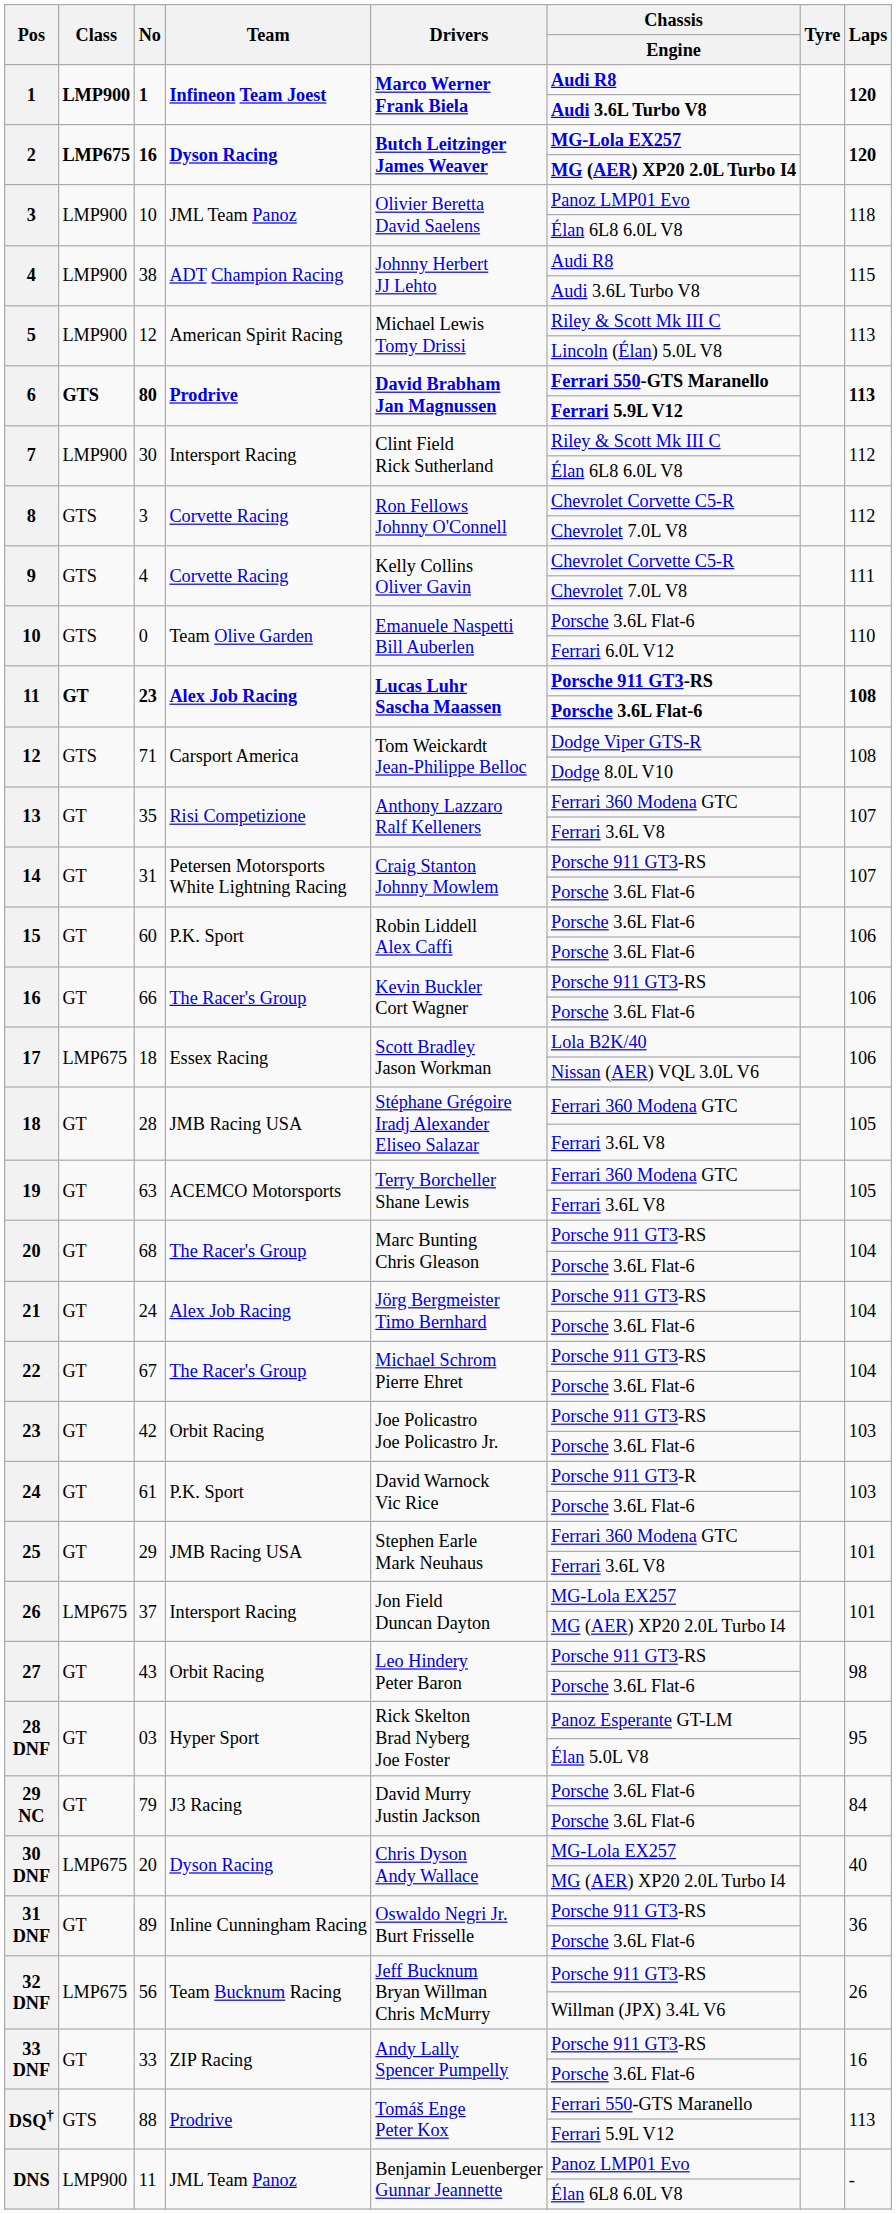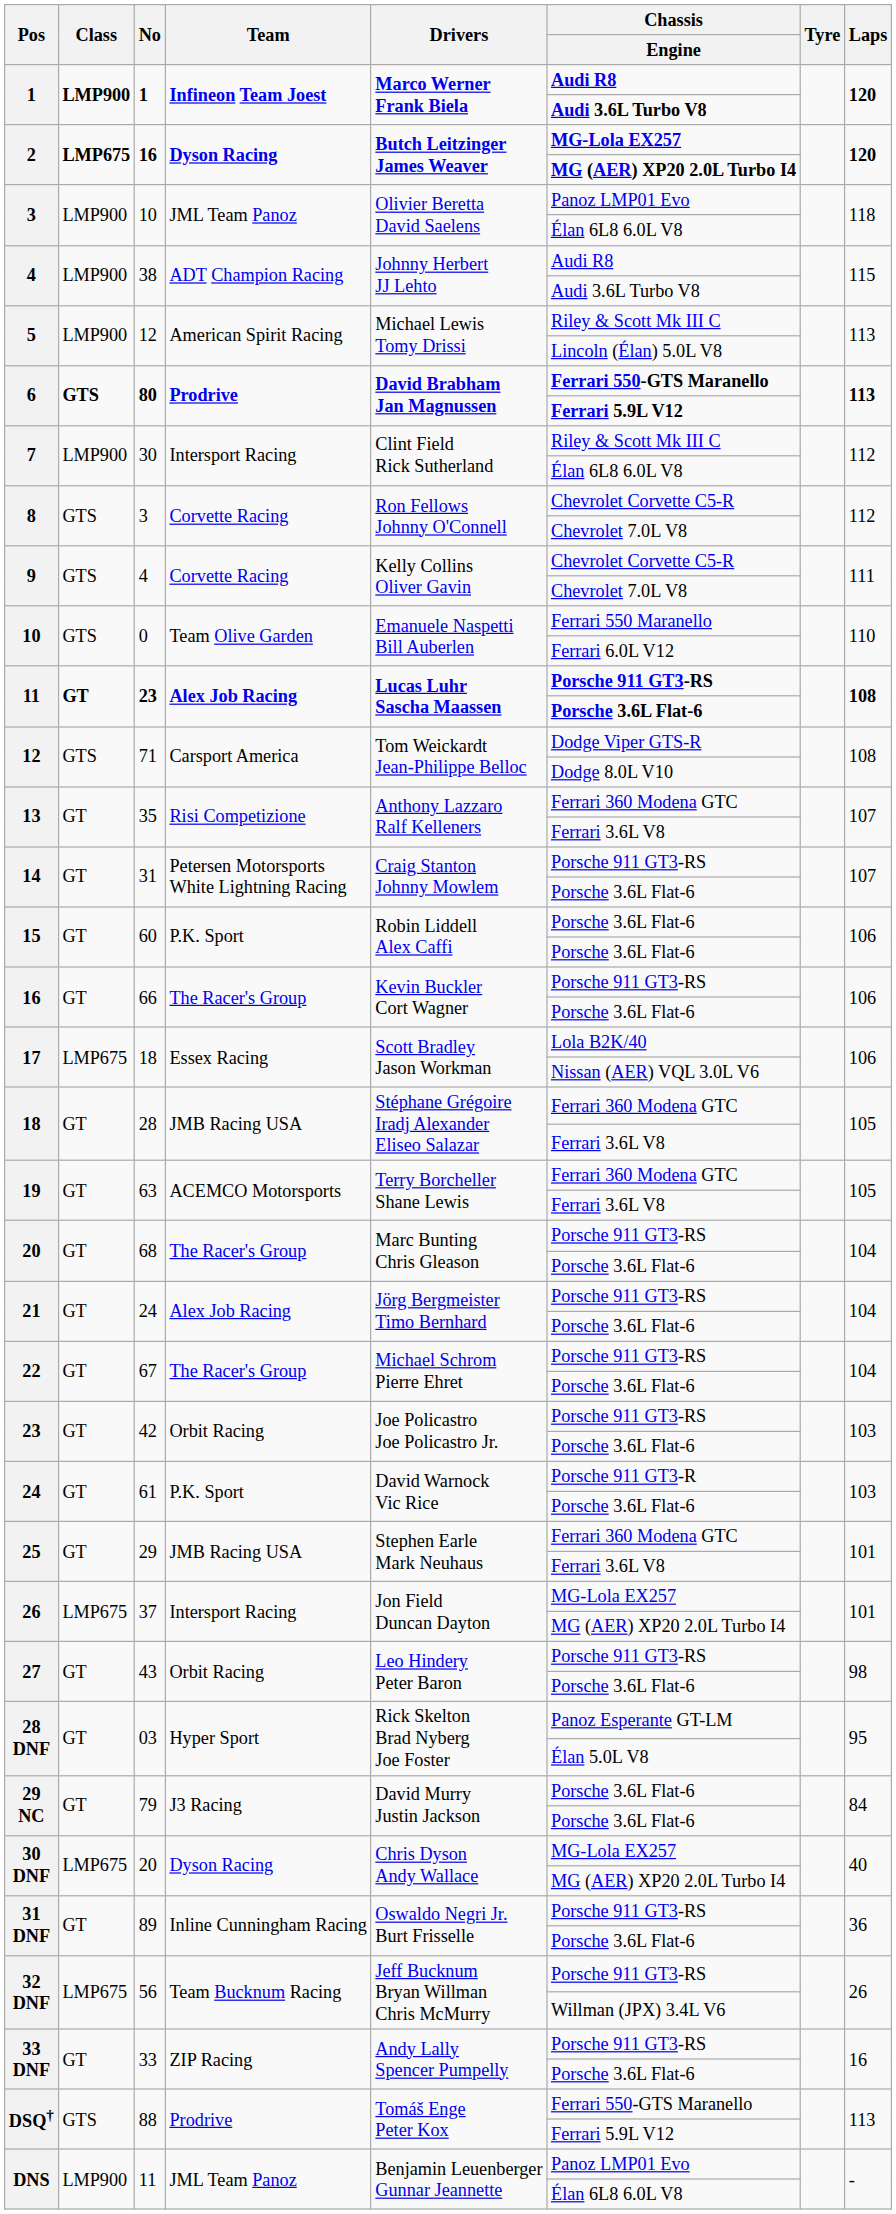 <table class="wikitable" style="font-size: 95%;">
 <tr>
 <th rowspan=2>Pos</th>
 <th rowspan=2>Class</th>
 <th rowspan=2>No</th>
 <th rowspan=2>Team</th>
 <th rowspan=2>Drivers</th>
 <th>Chassis</th>
 <th rowspan=2>Tyre</th>
 <th rowspan=2>Laps</th>
 </tr>
 <tr>
 <th>Engine</th>
 </tr>
 <tr style="font-weight:bold">
 <th rowspan=2>1</th>
 <td rowspan=2>LMP900</td>
 <td rowspan=2>1</td>
 <td rowspan=2> <a href='#'>Infineon</a> <a href='#'>Team Joest</a></td>
 <td rowspan=2> <a href='#'>Marco Werner</a><br> <a href='#'>Frank Biela</a></td>
 <td><a href='#'>Audi R8</a></td>
 <td rowspan=2></td>
 <td rowspan=2>120</td>
 </tr>
 <tr style="font-weight:bold">
 <td><a href='#'>Audi</a> 3.6L Turbo V8</td>
 </tr>
 <tr style="font-weight:bold">
 <th rowspan=2>2</th>
 <td rowspan=2>LMP675</td>
 <td rowspan=2>16</td>
 <td rowspan=2> <a href='#'>Dyson Racing</a></td>
 <td rowspan=2> <a href='#'>Butch Leitzinger</a><br> <a href='#'>James Weaver</a></td>
 <td><a href='#'>MG-Lola EX257</a></td>
 <td rowspan=2></td>
 <td rowspan=2>120</td>
 </tr>
 <tr style="font-weight:bold">
 <td><a href='#'>MG</a> (<a href='#'>AER</a>) XP20 2.0L Turbo I4</td>
 </tr>
 <tr>
 <th rowspan=2>3</th>
 <td rowspan=2>LMP900</td>
 <td rowspan=2>10</td>
 <td rowspan=2> JML Team <a href='#'>Panoz</a></td>
 <td rowspan=2> <a href='#'>Olivier Beretta</a><br> <a href='#'>David Saelens</a></td>
 <td><a href='#'>Panoz LMP01 Evo</a></td>
 <td rowspan=2></td>
 <td rowspan=2>118</td>
 </tr>
 <tr>
 <td><a href='#'>Élan</a> 6L8 6.0L V8</td>
 </tr>
 <tr>
 <th rowspan=2>4</th>
 <td rowspan=2>LMP900</td>
 <td rowspan=2>38</td>
 <td rowspan=2> <a href='#'>ADT</a> <a href='#'>Champion Racing</a></td>
 <td rowspan=2> <a href='#'>Johnny Herbert</a><br> <a href='#'>JJ Lehto</a></td>
 <td><a href='#'>Audi R8</a></td>
 <td rowspan=2></td>
 <td rowspan=2>115</td>
 </tr>
 <tr>
 <td><a href='#'>Audi</a> 3.6L Turbo V8</td>
 </tr>
 <tr>
 <th rowspan=2>5</th>
 <td rowspan=2>LMP900</td>
 <td rowspan=2>12</td>
 <td rowspan=2> American Spirit Racing</td>
 <td rowspan=2> Michael Lewis<br> <a href='#'>Tomy Drissi</a></td>
 <td><a href='#'>Riley & Scott Mk III C</a></td>
 <td rowspan=2></td>
 <td rowspan=2>113</td>
 </tr>
 <tr>
 <td><a href='#'>Lincoln</a> (<a href='#'>Élan</a>) 5.0L V8</td>
 </tr>
 <tr style="font-weight:bold">
 <th rowspan=2>6</th>
 <td rowspan=2>GTS</td>
 <td rowspan=2>80</td>
 <td rowspan=2> <a href='#'>Prodrive</a></td>
 <td rowspan=2> <a href='#'>David Brabham</a><br> <a href='#'>Jan Magnussen</a></td>
 <td><a href='#'>Ferrari 550</a>-GTS Maranello</td>
 <td rowspan=2></td>
 <td rowspan=2>113</td>
 </tr>
 <tr style="font-weight:bold">
 <td><a href='#'>Ferrari</a> 5.9L V12</td>
 </tr>
 <tr>
 <th rowspan=2>7</th>
 <td rowspan=2>LMP900</td>
 <td rowspan=2>30</td>
 <td rowspan=2> Intersport Racing</td>
 <td rowspan=2> Clint Field<br> Rick Sutherland</td>
 <td><a href='#'>Riley & Scott Mk III C</a></td>
 <td rowspan=2></td>
 <td rowspan=2>112</td>
 </tr>
 <tr>
 <td><a href='#'>Élan</a> 6L8 6.0L V8</td>
 </tr>
 <tr>
 <th rowspan=2>8</th>
 <td rowspan=2>GTS</td>
 <td rowspan=2>3</td>
 <td rowspan=2> <a href='#'>Corvette Racing</a></td>
 <td rowspan=2> <a href='#'>Ron Fellows</a><br> <a href='#'>Johnny O'Connell</a></td>
 <td><a href='#'>Chevrolet Corvette C5-R</a></td>
 <td rowspan=2></td>
 <td rowspan=2>112</td>
 </tr>
 <tr>
 <td><a href='#'>Chevrolet</a> 7.0L V8</td>
 </tr>
 <tr>
 <th rowspan=2>9</th>
 <td rowspan=2>GTS</td>
 <td rowspan=2>4</td>
 <td rowspan=2> <a href='#'>Corvette Racing</a></td>
 <td rowspan=2> Kelly Collins<br> <a href='#'>Oliver Gavin</a></td>
 <td><a href='#'>Chevrolet Corvette C5-R</a></td>
 <td rowspan=2></td>
 <td rowspan=2>111</td>
 </tr>
 <tr>
 <td><a href='#'>Chevrolet</a> 7.0L V8</td>
 </tr>
 <tr>
 <th rowspan=2>10</th>
 <td rowspan=2>GTS</td>
 <td rowspan=2>0</td>
 <td rowspan=2> Team <a href='#'>Olive Garden</a></td>
 <td rowspan=2> <a href='#'>Emanuele Naspetti</a><br> <a href='#'>Bill Auberlen</a></td>
-<td><a href='#'>Porsche</a> 3.6L Flat-6</td>
+<td><a href='#'>Ferrari 550 Maranello</a></td>
 <td rowspan=2></td>
 <td rowspan=2>110</td>
 </tr>
 <tr>
 <td><a href='#'>Ferrari</a> 6.0L V12</td>
 </tr>
 <tr style="font-weight:bold">
 <th rowspan=2>11</th>
 <td rowspan=2>GT</td>
 <td rowspan=2>23</td>
 <td rowspan=2> <a href='#'>Alex Job Racing</a></td>
 <td rowspan=2> <a href='#'>Lucas Luhr</a><br> <a href='#'>Sascha Maassen</a></td>
 <td><a href='#'>Porsche 911 GT3</a>-RS</td>
 <td rowspan=2></td>
 <td rowspan=2>108</td>
 </tr>
 <tr style="font-weight:bold">
 <td><a href='#'>Porsche</a> 3.6L Flat-6</td>
 </tr>
 <tr>
 <th rowspan=2>12</th>
 <td rowspan=2>GTS</td>
 <td rowspan=2>71</td>
 <td rowspan=2> Carsport America</td>
 <td rowspan=2> Tom Weickardt<br> <a href='#'>Jean-Philippe Belloc</a></td>
 <td><a href='#'>Dodge Viper GTS-R</a></td>
 <td rowspan=2></td>
 <td rowspan=2>108</td>
 </tr>
 <tr>
 <td><a href='#'>Dodge</a> 8.0L V10</td>
 </tr>
 <tr>
 <th rowspan=2>13</th>
 <td rowspan=2>GT</td>
 <td rowspan=2>35</td>
 <td rowspan=2> <a href='#'>Risi Competizione</a></td>
 <td rowspan=2> <a href='#'>Anthony Lazzaro</a><br> <a href='#'>Ralf Kelleners</a></td>
 <td><a href='#'>Ferrari 360 Modena</a> GTC</td>
 <td rowspan=2></td>
 <td rowspan=2>107</td>
 </tr>
 <tr>
 <td><a href='#'>Ferrari</a> 3.6L V8</td>
 </tr>
 <tr>
 <th rowspan=2>14</th>
 <td rowspan=2>GT</td>
 <td rowspan=2>31</td>
 <td rowspan=2> Petersen Motorsports<br> White Lightning Racing</td>
 <td rowspan=2> <a href='#'>Craig Stanton</a><br> <a href='#'>Johnny Mowlem</a></td>
 <td><a href='#'>Porsche 911 GT3</a>-RS</td>
 <td rowspan=2></td>
 <td rowspan=2>107</td>
 </tr>
 <tr>
 <td><a href='#'>Porsche</a> 3.6L Flat-6</td>
 </tr>
 <tr>
 <th rowspan=2>15</th>
 <td rowspan=2>GT</td>
 <td rowspan=2>60</td>
 <td rowspan=2> P.K. Sport</td>
 <td rowspan=2> Robin Liddell<br> <a href='#'>Alex Caffi</a></td>
 <td><a href='#'>Porsche</a> 3.6L Flat-6</td>
 <td rowspan=2></td>
 <td rowspan=2>106</td>
 </tr>
 <tr>
 <td><a href='#'>Porsche</a> 3.6L Flat-6</td>
 </tr>
 <tr>
 <th rowspan=2>16</th>
 <td rowspan=2>GT</td>
 <td rowspan=2>66</td>
 <td rowspan=2> <a href='#'>The Racer's Group</a></td>
 <td rowspan=2> <a href='#'>Kevin Buckler</a><br> Cort Wagner</td>
 <td><a href='#'>Porsche 911 GT3</a>-RS</td>
 <td rowspan=2></td>
 <td rowspan=2>106</td>
 </tr>
 <tr>
 <td><a href='#'>Porsche</a> 3.6L Flat-6</td>
 </tr>
 <tr>
 <th rowspan=2>17</th>
 <td rowspan=2>LMP675</td>
 <td rowspan=2>18</td>
 <td rowspan=2> Essex Racing</td>
 <td rowspan=2> <a href='#'>Scott Bradley</a><br> Jason Workman</td>
 <td><a href='#'>Lola B2K/40</a></td>
 <td rowspan=2></td>
 <td rowspan=2>106</td>
 </tr>
 <tr>
 <td><a href='#'>Nissan</a> (<a href='#'>AER</a>) VQL 3.0L V6</td>
 </tr>
 <tr>
 <th rowspan=2>18</th>
 <td rowspan=2>GT</td>
 <td rowspan=2>28</td>
 <td rowspan=2> JMB Racing USA</td>
 <td rowspan=2> <a href='#'>Stéphane Grégoire</a><br> <a href='#'>Iradj Alexander</a><br> <a href='#'>Eliseo Salazar</a></td>
 <td><a href='#'>Ferrari 360 Modena</a> GTC</td>
 <td rowspan=2></td>
 <td rowspan=2>105</td>
 </tr>
 <tr>
 <td><a href='#'>Ferrari</a> 3.6L V8</td>
 </tr>
 <tr>
 <th rowspan=2>19</th>
 <td rowspan=2>GT</td>
 <td rowspan=2>63</td>
 <td rowspan=2> ACEMCO Motorsports</td>
 <td rowspan=2> <a href='#'>Terry Borcheller</a><br> Shane Lewis</td>
 <td><a href='#'>Ferrari 360 Modena</a> GTC</td>
 <td rowspan=2></td>
 <td rowspan=2>105</td>
 </tr>
 <tr>
 <td><a href='#'>Ferrari</a> 3.6L V8</td>
 </tr>
 <tr>
 <th rowspan=2>20</th>
 <td rowspan=2>GT</td>
 <td rowspan=2>68</td>
 <td rowspan=2> <a href='#'>The Racer's Group</a></td>
 <td rowspan=2> Marc Bunting<br> Chris Gleason</td>
 <td><a href='#'>Porsche 911 GT3</a>-RS</td>
 <td rowspan=2></td>
 <td rowspan=2>104</td>
 </tr>
 <tr>
 <td><a href='#'>Porsche</a> 3.6L Flat-6</td>
 </tr>
 <tr>
 <th rowspan=2>21</th>
 <td rowspan=2>GT</td>
 <td rowspan=2>24</td>
 <td rowspan=2> <a href='#'>Alex Job Racing</a></td>
 <td rowspan=2> <a href='#'>Jörg Bergmeister</a><br> <a href='#'>Timo Bernhard</a></td>
 <td><a href='#'>Porsche 911 GT3</a>-RS</td>
 <td rowspan=2></td>
 <td rowspan=2>104</td>
 </tr>
 <tr>
 <td><a href='#'>Porsche</a> 3.6L Flat-6</td>
 </tr>
 <tr>
 <th rowspan=2>22</th>
 <td rowspan=2>GT</td>
 <td rowspan=2>67</td>
 <td rowspan=2> <a href='#'>The Racer's Group</a></td>
 <td rowspan=2> <a href='#'>Michael Schrom</a><br> Pierre Ehret</td>
 <td><a href='#'>Porsche 911 GT3</a>-RS</td>
 <td rowspan=2></td>
 <td rowspan=2>104</td>
 </tr>
 <tr>
 <td><a href='#'>Porsche</a> 3.6L Flat-6</td>
 </tr>
 <tr>
 <th rowspan=2>23</th>
 <td rowspan=2>GT</td>
 <td rowspan=2>42</td>
 <td rowspan=2> Orbit Racing</td>
 <td rowspan=2> Joe Policastro<br> Joe Policastro Jr.</td>
 <td><a href='#'>Porsche 911 GT3</a>-RS</td>
 <td rowspan=2></td>
 <td rowspan=2>103</td>
 </tr>
 <tr>
 <td><a href='#'>Porsche</a> 3.6L Flat-6</td>
 </tr>
 <tr>
 <th rowspan=2>24</th>
 <td rowspan=2>GT</td>
 <td rowspan=2>61</td>
 <td rowspan=2> P.K. Sport</td>
 <td rowspan=2> David Warnock<br> Vic Rice</td>
 <td><a href='#'>Porsche 911 GT3</a>-R</td>
 <td rowspan=2></td>
 <td rowspan=2>103</td>
 </tr>
 <tr>
 <td><a href='#'>Porsche</a> 3.6L Flat-6</td>
 </tr>
 <tr>
 <th rowspan=2>25</th>
 <td rowspan=2>GT</td>
 <td rowspan=2>29</td>
 <td rowspan=2> JMB Racing USA</td>
 <td rowspan=2> Stephen Earle<br> Mark Neuhaus</td>
 <td><a href='#'>Ferrari 360 Modena</a> GTC</td>
 <td rowspan=2></td>
 <td rowspan=2>101</td>
 </tr>
 <tr>
 <td><a href='#'>Ferrari</a> 3.6L V8</td>
 </tr>
 <tr>
 <th rowspan=2>26</th>
 <td rowspan=2>LMP675</td>
 <td rowspan=2>37</td>
 <td rowspan=2> Intersport Racing</td>
 <td rowspan=2> Jon Field<br> Duncan Dayton</td>
 <td><a href='#'>MG-Lola EX257</a></td>
 <td rowspan=2></td>
 <td rowspan=2>101</td>
 </tr>
 <tr>
 <td><a href='#'>MG</a> (<a href='#'>AER</a>) XP20 2.0L Turbo I4</td>
 </tr>
 <tr>
 <th rowspan=2>27</th>
 <td rowspan=2>GT</td>
 <td rowspan=2>43</td>
 <td rowspan=2> Orbit Racing</td>
 <td rowspan=2> <a href='#'>Leo Hindery</a><br> Peter Baron</td>
 <td><a href='#'>Porsche 911 GT3</a>-RS</td>
 <td rowspan=2></td>
 <td rowspan=2>98</td>
 </tr>
 <tr>
 <td><a href='#'>Porsche</a> 3.6L Flat-6</td>
 </tr>
 <tr>
 <th rowspan=2>28<br>DNF</th>
 <td rowspan=2>GT</td>
 <td rowspan=2>03</td>
 <td rowspan=2> Hyper Sport</td>
 <td rowspan=2> Rick Skelton<br> Brad Nyberg<br> Joe Foster</td>
 <td><a href='#'>Panoz Esperante</a> GT-LM</td>
 <td rowspan=2></td>
 <td rowspan=2>95</td>
 </tr>
 <tr>
 <td><a href='#'>Élan</a> 5.0L V8</td>
 </tr>
 <tr>
 <th rowspan=2>29<br>NC</th>
 <td rowspan=2>GT</td>
 <td rowspan=2>79</td>
 <td rowspan=2> J3 Racing</td>
 <td rowspan=2> David Murry<br> Justin Jackson</td>
 <td><a href='#'>Porsche</a> 3.6L Flat-6</td>
 <td rowspan=2></td>
 <td rowspan=2>84</td>
 </tr>
 <tr>
 <td><a href='#'>Porsche</a> 3.6L Flat-6</td>
 </tr>
 <tr>
 <th rowspan=2>30<br>DNF</th>
 <td rowspan=2>LMP675</td>
 <td rowspan=2>20</td>
 <td rowspan=2> <a href='#'>Dyson Racing</a></td>
 <td rowspan=2> <a href='#'>Chris Dyson</a><br> <a href='#'>Andy Wallace</a></td>
 <td><a href='#'>MG-Lola EX257</a></td>
 <td rowspan=2></td>
 <td rowspan=2>40</td>
 </tr>
 <tr>
 <td><a href='#'>MG</a> (<a href='#'>AER</a>) XP20 2.0L Turbo I4</td>
 </tr>
 <tr>
 <th rowspan=2>31<br>DNF</th>
 <td rowspan=2>GT</td>
 <td rowspan=2>89</td>
 <td rowspan=2> Inline Cunningham Racing</td>
 <td rowspan=2> <a href='#'>Oswaldo Negri Jr.</a><br> Burt Frisselle</td>
 <td><a href='#'>Porsche 911 GT3</a>-RS</td>
 <td rowspan=2></td>
 <td rowspan=2>36</td>
 </tr>
 <tr>
 <td><a href='#'>Porsche</a> 3.6L Flat-6</td>
 </tr>
 <tr>
 <th rowspan=2>32<br>DNF</th>
 <td rowspan=2>LMP675</td>
 <td rowspan=2>56</td>
 <td rowspan=2> Team <a href='#'>Bucknum</a> Racing</td>
 <td rowspan=2> <a href='#'>Jeff Bucknum</a><br> Bryan Willman<br> Chris McMurry</td>
 <td><a href='#'>Porsche 911 GT3</a>-RS</td>
 <td rowspan=2></td>
 <td rowspan=2>26</td>
 </tr>
 <tr>
 <td>Willman (JPX) 3.4L V6</td>
 </tr>
 <tr>
 <th rowspan=2>33<br>DNF</th>
 <td rowspan=2>GT</td>
 <td rowspan=2>33</td>
 <td rowspan=2> ZIP Racing</td>
 <td rowspan=2> <a href='#'>Andy Lally</a><br> <a href='#'>Spencer Pumpelly</a></td>
 <td><a href='#'>Porsche 911 GT3</a>-RS</td>
 <td rowspan=2></td>
 <td rowspan=2>16</td>
 </tr>
 <tr>
 <td><a href='#'>Porsche</a> 3.6L Flat-6</td>
 </tr>
 <tr>
 <th rowspan=2>DSQ<sup>†</sup></th>
 <td rowspan=2>GTS</td>
 <td rowspan=2>88</td>
 <td rowspan=2> <a href='#'>Prodrive</a></td>
 <td rowspan=2> <a href='#'>Tomáš Enge</a><br> <a href='#'>Peter Kox</a></td>
 <td><a href='#'>Ferrari 550</a>-GTS Maranello</td>
 <td rowspan=2></td>
 <td rowspan=2>113</td>
 </tr>
 <tr>
 <td><a href='#'>Ferrari</a> 5.9L V12</td>
 </tr>
 <tr>
 <th rowspan=2>DNS</th>
 <td rowspan=2>LMP900</td>
 <td rowspan=2>11</td>
 <td rowspan=2> JML Team <a href='#'>Panoz</a></td>
 <td rowspan=2> Benjamin Leuenberger<br> <a href='#'>Gunnar Jeannette</a></td>
 <td><a href='#'>Panoz LMP01 Evo</a></td>
 <td rowspan=2></td>
 <td rowspan=2>-</td>
 </tr>
 <tr>
 <td><a href='#'>Élan</a> 6L8 6.0L V8</td>
 </tr>
 </table>
